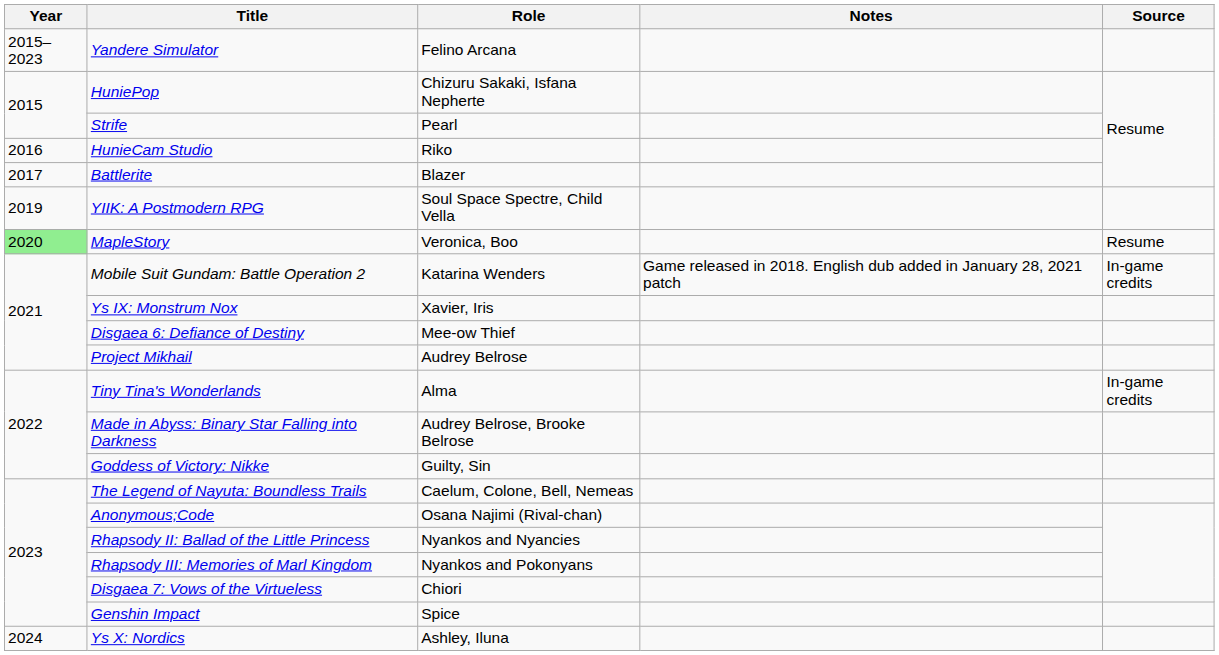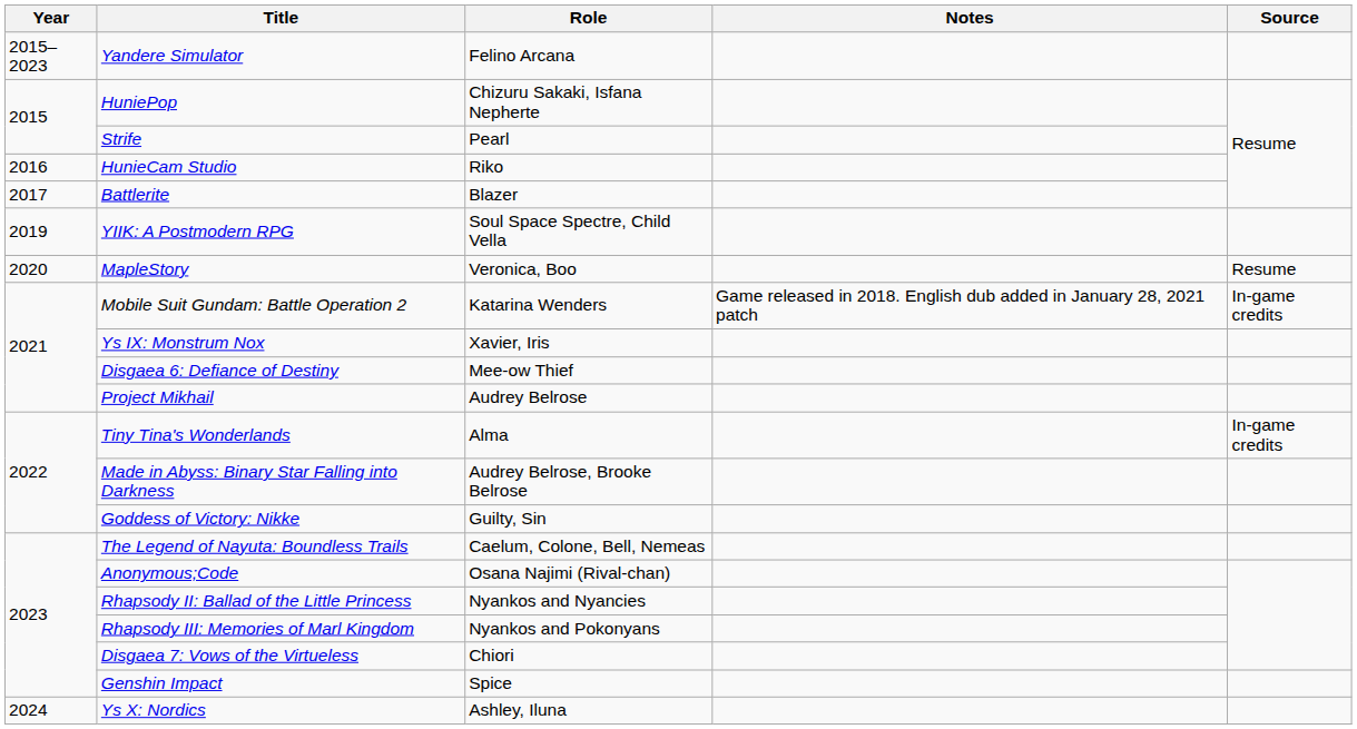 <table class="wikitable sortable plainrowheaders">
 <tr>
 <th>Year</th>
 <th>Title</th>
 <th>Role</th>
 <th class="unsortable">Notes</th>
 <th class="unsortable">Source</th>
 </tr>
 <tr>
 <td>2015–2023</td>
 <td><em><a href='#'>Yandere Simulator</a></em></td>
 <td>Felino Arcana</td>
 <td></td>
 <td></td>
 </tr>
 <tr>
 <td rowspan="2">2015</td>
 <td><em><a href='#'>HuniePop</a></em></td>
 <td>Chizuru Sakaki, Isfana Nepherte</td>
 <td></td>
 <td rowspan="4">Resume</td>
 </tr>
 <tr>
 <td><em><a href='#'>Strife</a></em></td>
 <td>Pearl</td>
 <td></td>
 </tr>
 <tr>
 <td>2016</td>
 <td><em><a href='#'>HunieCam Studio</a></em></td>
 <td>Riko</td>
 <td></td>
 </tr>
 <tr>
 <td>2017</td>
 <td><em><a href='#'>Battlerite</a></em></td>
 <td>Blazer</td>
 <td></td>
 </tr>
 <tr>
 <td>2019</td>
 <td><em><a href='#'>YIIK: A Postmodern RPG</a></em></td>
 <td>Soul Space Spectre, Child Vella</td>
 <td></td>
 <td></td>
 </tr>
 <tr>
-<td style="background: lightgreen;">2020</td>
+<td>2020</td>
 <td><em><a href='#'>MapleStory</a></em></td>
 <td>Veronica, Boo</td>
 <td></td>
 <td>Resume </td>
 </tr>
 <tr>
 <td rowspan="4">2021</td>
 <td><em>Mobile Suit Gundam: Battle Operation 2</em></td>
 <td>Katarina Wenders</td>
 <td>Game released in 2018. English dub added in January 28, 2021 patch</td>
 <td>In-game credits</td>
 </tr>
 <tr>
 <td><em><a href='#'>Ys IX: Monstrum Nox</a></em></td>
 <td>Xavier, Iris</td>
 <td></td>
 <td></td>
 </tr>
 <tr>
 <td><em><a href='#'>Disgaea 6: Defiance of Destiny</a></em></td>
 <td>Mee-ow Thief</td>
 <td></td>
 <td></td>
 </tr>
 <tr>
 <td><em><a href='#'>Project Mikhail</a></em></td>
 <td>Audrey Belrose</td>
 <td></td>
 <td></td>
 </tr>
 <tr>
 <td rowspan="3">2022</td>
 <td><em><a href='#'>Tiny Tina's Wonderlands</a></em></td>
 <td>Alma</td>
 <td></td>
 <td>In-game credits</td>
 </tr>
 <tr>
 <td><em><a href='#'>Made in Abyss: Binary Star Falling into Darkness</a></em></td>
 <td>Audrey Belrose, Brooke Belrose</td>
 <td></td>
 <td></td>
 </tr>
 <tr>
 <td><em><a href='#'>Goddess of Victory: Nikke</a></em></td>
 <td>Guilty, Sin</td>
 <td></td>
 <td></td>
 </tr>
 <tr>
 <td rowspan="6">2023</td>
 <td><em><a href='#'>The Legend of Nayuta: Boundless Trails</a></em></td>
 <td>Caelum, Colone, Bell, Nemeas</td>
 <td></td>
 <td></td>
 </tr>
 <tr>
 <td><em><a href='#'>Anonymous;Code</a></em></td>
 <td>Osana Najimi (Rival-chan)</td>
 <td></td>
 <td rowspan="4"></td>
 </tr>
 <tr>
 <td><em><a href='#'>Rhapsody II: Ballad of the Little Princess</a></em></td>
 <td>Nyankos and Nyancies</td>
 <td></td>
 </tr>
 <tr>
 <td><em><a href='#'>Rhapsody III: Memories of Marl Kingdom</a></em></td>
 <td>Nyankos and Pokonyans</td>
 <td></td>
 </tr>
 <tr>
 <td><em><a href='#'>Disgaea 7: Vows of the Virtueless</a></em></td>
 <td>Chiori</td>
 <td></td>
 </tr>
 <tr>
 <td><em><a href='#'>Genshin Impact</a></em></td>
 <td>Spice</td>
 <td></td>
 <td></td>
 </tr>
 <tr>
 <td>2024</td>
 <td><em><a href='#'>Ys X: Nordics</a></em></td>
 <td>Ashley, Iluna</td>
 <td></td>
 <td></td>
 </tr>
 </table>
